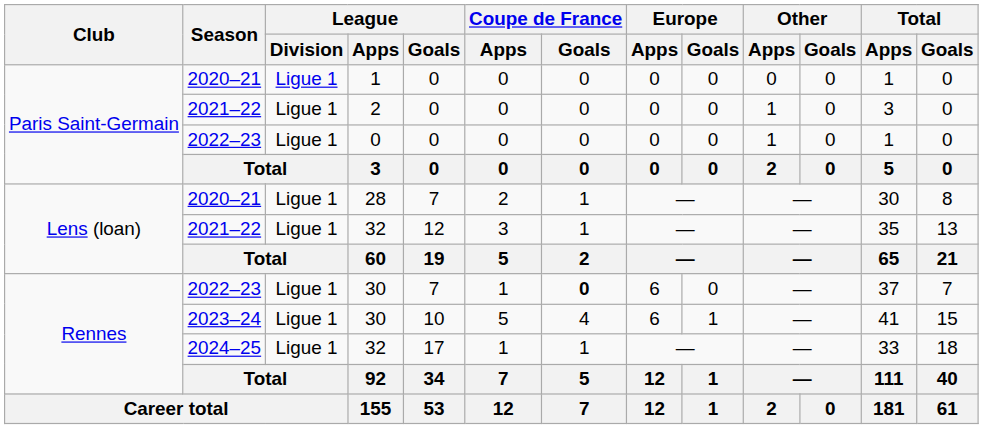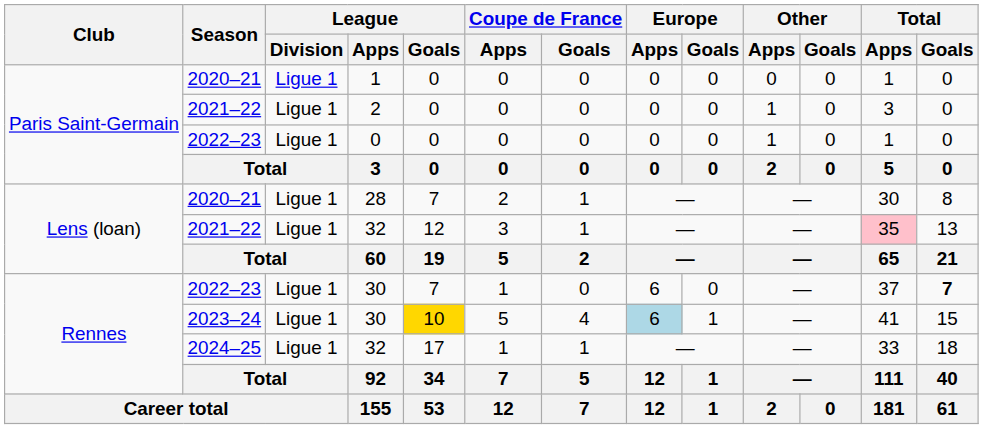 <table class="wikitable" style="text-align:center">
 <tr>
 <th rowspan="2">Club</th>
 <th rowspan="2">Season</th>
 <th colspan="3">League</th>
 <th colspan="2"><a href='#'>Coupe de France</a></th>
 <th colspan="2">Europe</th>
 <th colspan="2">Other</th>
 <th colspan="2">Total</th>
 </tr>
 <tr>
 <th>Division</th>
 <th>Apps</th>
 <th>Goals</th>
 <th>Apps</th>
 <th>Goals</th>
 <th>Apps</th>
 <th>Goals</th>
 <th>Apps</th>
 <th>Goals</th>
 <th>Apps</th>
 <th>Goals</th>
 </tr>
 <tr>
 <td rowspan="4"><a href='#'>Paris Saint-Germain</a></td>
 <td><a href='#'>2020–21</a></td>
 <td><a href='#'>Ligue 1</a></td>
 <td>1</td>
 <td>0</td>
 <td>0</td>
 <td>0</td>
 <td>0</td>
 <td>0</td>
 <td>0</td>
 <td>0</td>
 <td>1</td>
 <td>0</td>
 </tr>
 <tr>
 <td><a href='#'>2021–22</a></td>
 <td>Ligue 1</td>
 <td>2</td>
 <td>0</td>
 <td>0</td>
 <td>0</td>
 <td>0</td>
 <td>0</td>
 <td>1</td>
 <td>0</td>
 <td>3</td>
 <td>0</td>
 </tr>
 <tr>
 <td><a href='#'>2022–23</a></td>
 <td>Ligue 1</td>
 <td>0</td>
 <td>0</td>
 <td>0</td>
 <td>0</td>
 <td>0</td>
 <td>0</td>
 <td>1</td>
 <td>0</td>
 <td>1</td>
 <td>0</td>
 </tr>
 <tr>
 <th colspan="2">Total</th>
 <th>3</th>
 <th>0</th>
 <th>0</th>
 <th>0</th>
 <th>0</th>
 <th>0</th>
 <th>2</th>
 <th>0</th>
 <th>5</th>
 <th>0</th>
 </tr>
 <tr>
 <td rowspan="3"><a href='#'>Lens</a> (loan)</td>
 <td><a href='#'>2020–21</a></td>
 <td>Ligue 1</td>
 <td>28</td>
 <td>7</td>
 <td>2</td>
 <td>1</td>
 <td colspan="2">—</td>
 <td colspan="2">—</td>
 <td>30</td>
 <td>8</td>
 </tr>
 <tr>
 <td><a href='#'>2021–22</a></td>
 <td>Ligue 1</td>
 <td>32</td>
 <td>12</td>
 <td>3</td>
 <td>1</td>
 <td colspan="2">—</td>
 <td colspan="2">—</td>
-<td>35</td>
+<td style="background: pink;">35</td>
 <td>13</td>
 </tr>
 <tr>
 <th colspan="2">Total</th>
 <th>60</th>
 <th>19</th>
 <th>5</th>
 <th>2</th>
 <th colspan="2">—</th>
 <th colspan="2">—</th>
 <th>65</th>
 <th>21</th>
 </tr>
 <tr>
 <td rowspan="4"><a href='#'>Rennes</a></td>
 <td><a href='#'>2022–23</a></td>
 <td>Ligue 1</td>
 <td>30</td>
 <td>7</td>
 <td>1</td>
-<td><strong>0</strong></td>
+<td>0</td>
 <td>6</td>
 <td>0</td>
 <td colspan="2">—</td>
 <td>37</td>
-<td>7</td>
+<td><strong>7</strong></td>
 </tr>
 <tr>
 <td><a href='#'>2023–24</a></td>
 <td>Ligue 1</td>
 <td>30</td>
-<td>10</td>
+<td style="background: gold;">10</td>
 <td>5</td>
 <td>4</td>
-<td>6</td>
+<td style="background: lightblue;">6</td>
 <td>1</td>
 <td colspan="2">—</td>
 <td>41</td>
 <td>15</td>
 </tr>
 <tr>
 <td><a href='#'>2024–25</a></td>
 <td>Ligue 1</td>
 <td>32</td>
 <td>17</td>
 <td>1</td>
 <td>1</td>
 <td colspan="2">—</td>
 <td colspan="2">—</td>
 <td>33</td>
 <td>18</td>
 </tr>
 <tr>
 <th colspan="2">Total</th>
 <th>92</th>
 <th>34</th>
 <th>7</th>
 <th>5</th>
 <th>12</th>
 <th>1</th>
 <th colspan="2">—</th>
 <th>111</th>
 <th>40</th>
 </tr>
 <tr>
 <th colspan="3">Career total</th>
 <th>155</th>
 <th>53</th>
 <th>12</th>
 <th>7</th>
 <th>12</th>
 <th>1</th>
 <th>2</th>
 <th>0</th>
 <th>181</th>
 <th>61</th>
 </tr>
 </table>
